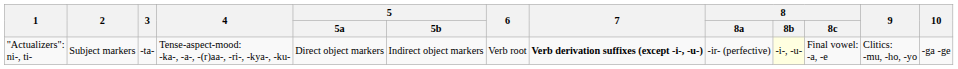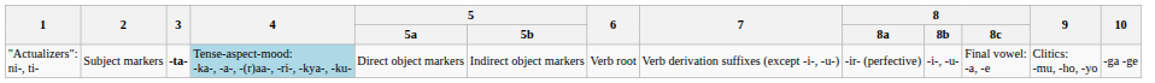 <table class="wikitable">
 <tr>
 <th rowspan="2">1</th>
 <th rowspan="2">2</th>
 <th rowspan="2">3</th>
 <th rowspan="2">4</th>
 <th colspan="2">5</th>
 <th rowspan="2">6</th>
 <th rowspan="2">7</th>
 <th colspan="3">8</th>
 <th rowspan="2">9</th>
 <th rowspan="2">10</th>
 </tr>
 <tr>
 <th>5a</th>
 <th>5b</th>
 <th>8a</th>
 <th>8b</th>
 <th>8c</th>
 </tr>
 <tr>
 <td>"Actualizers":<br>ni-, ti-</td>
 <td>Subject markers</td>
-<td>-ta-</td>
-<td>Tense-aspect-mood:<br>-ka-, -a-, -(r)aa-, -ri-, -kya-, -ku-</td>
+<td><strong>-ta-</strong></td>
+<td style="background: lightblue;">Tense-aspect-mood:<br>-ka-, -a-, -(r)aa-, -ri-, -kya-, -ku-</td>
 <td>Direct object markers</td>
 <td>Indirect object markers</td>
 <td>Verb root</td>
-<td><strong>Verb derivation suffixes (except -i-, -u-)</strong></td>
+<td>Verb derivation suffixes (except -i-, -u-)</td>
 <td>-ir- (perfective)</td>
-<td style="background: lightyellow;">-i-, -u-</td>
+<td>-i-, -u-</td>
 <td>Final vowel:<br>-a, -e</td>
 <td>Clitics:<br>-mu, -ho, -yo</td>
 <td>-ga -ge</td>
 </tr>
 </table>
